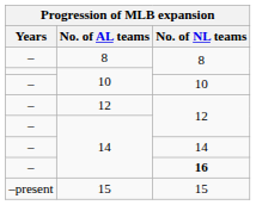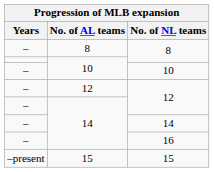 <table class="wikitable" style="float:right; margin-left:1em; text-align:center;">
 <tr>
 <th colspan="3">Progression of MLB expansion</th>
 </tr>
 <tr>
 <th>Years</th>
 <th>No. of <a href='#'>AL</a> teams</th>
 <th>No. of <a href='#'>NL</a> teams</th>
 </tr>
 <tr>
 <td>–</td>
 <td>8</td>
 <td rowspan="2">8</td>
 </tr>
 <tr>
 <td></td>
 <td rowspan="2">10</td>
 </tr>
 <tr>
 <td>–</td>
 <td>10</td>
 </tr>
 <tr>
 <td>–</td>
 <td>12</td>
 <td rowspan="2">12</td>
 </tr>
 <tr>
 <td>–</td>
 <td rowspan="3">14</td>
 </tr>
 <tr>
 <td>–</td>
 <td>14</td>
 </tr>
 <tr>
 <td>–</td>
-<td><strong>16</strong></td>
+<td>16</td>
 </tr>
 <tr>
 <td>–present</td>
 <td>15</td>
 <td>15</td>
 </tr>
 </table>
